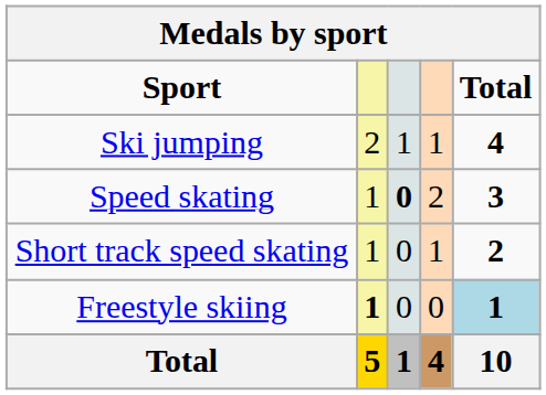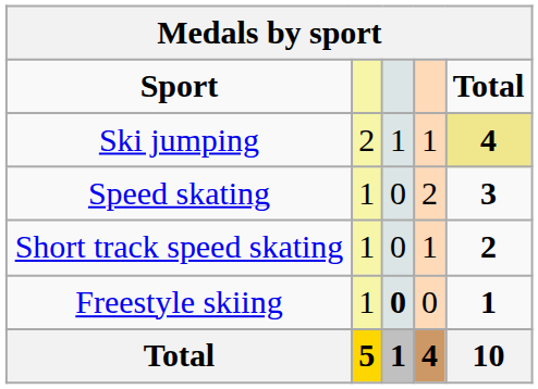 <table class="wikitable" style="font-size:95%;float:right;clear:right;">
 <tr style="background:#efefef;">
 <th colspan=5><strong>Medals by sport</strong></th>
 </tr>
 <tr align=center>
 <td><strong>Sport</strong></td>
 <td bgcolor=#f7f6a8></td>
 <td bgcolor=#dce5e5></td>
 <td bgcolor=#ffdab9></td>
 <td><strong>Total</strong></td>
 </tr>
 <tr align=center>
 <td><a href='#'>Ski jumping</a></td>
 <td style="background:#F7F6A8;">2</td>
 <td style="background:#DCE5E5;">1</td>
 <td style="background:#FFDAB9;">1</td>
-<td><strong>4</strong></td>
+<td style="background: khaki;"><strong>4</strong></td>
 </tr>
 <tr align=center>
 <td><a href='#'>Speed skating</a></td>
 <td style="background:#F7F6A8;">1</td>
-<td style="background:#DCE5E5;"><strong>0</strong></td>
+<td style="background:#DCE5E5;">0</td>
 <td style="background:#FFDAB9;">2</td>
 <td><strong>3</strong></td>
 </tr>
 <tr align=center>
 <td><a href='#'>Short track speed skating</a></td>
 <td style="background:#F7F6A8;">1</td>
 <td style="background:#DCE5E5;">0</td>
 <td style="background:#FFDAB9;">1</td>
 <td><strong>2</strong></td>
 </tr>
 <tr align=center>
 <td><a href='#'>Freestyle skiing</a></td>
-<td style="background:#F7F6A8;"><strong>1</strong></td>
-<td style="background:#DCE5E5;">0</td>
+<td style="background:#F7F6A8;">1</td>
+<td style="background:#DCE5E5;"><strong>0</strong></td>
 <td style="background:#FFDAB9;">0</td>
-<td style="background: lightblue;"><strong>1</strong></td>
+<td><strong>1</strong></td>
 </tr>
 <tr align=center>
 <th><strong>Total</strong></th>
 <th style="background:gold;"><strong>5</strong></th>
 <th style="background:silver;"><strong>1</strong></th>
 <th style="background:#c96;"><strong>4</strong></th>
 <th><strong>10</strong></th>
 </tr>
 </table>
